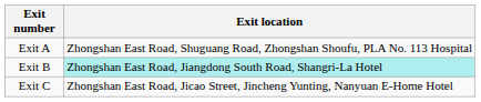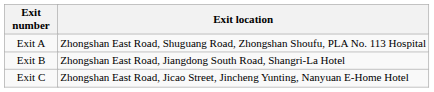 <table class="wikitable">
 <tr>
 <th style="width:70px" colspan="2">Exit number</th>
 <th>Exit location</th>
 </tr>
 <tr>
 <td align="center" colspan="2">Exit A </td>
 <td>Zhongshan East Road, Shuguang Road, Zhongshan Shoufu, PLA No. 113 Hospital</td>
 </tr>
 <tr>
 <td align="center" colspan="2">Exit B</td>
-<td style="background: paleturquoise;">Zhongshan East Road, Jiangdong South Road, Shangri-La Hotel</td>
+<td>Zhongshan East Road, Jiangdong South Road, Shangri-La Hotel</td>
 </tr>
 <tr>
 <td align="center" colspan="2">Exit C </td>
 <td>Zhongshan East Road, Jicao Street, Jincheng Yunting, Nanyuan E-Home Hotel</td>
 </tr>
 </table>
